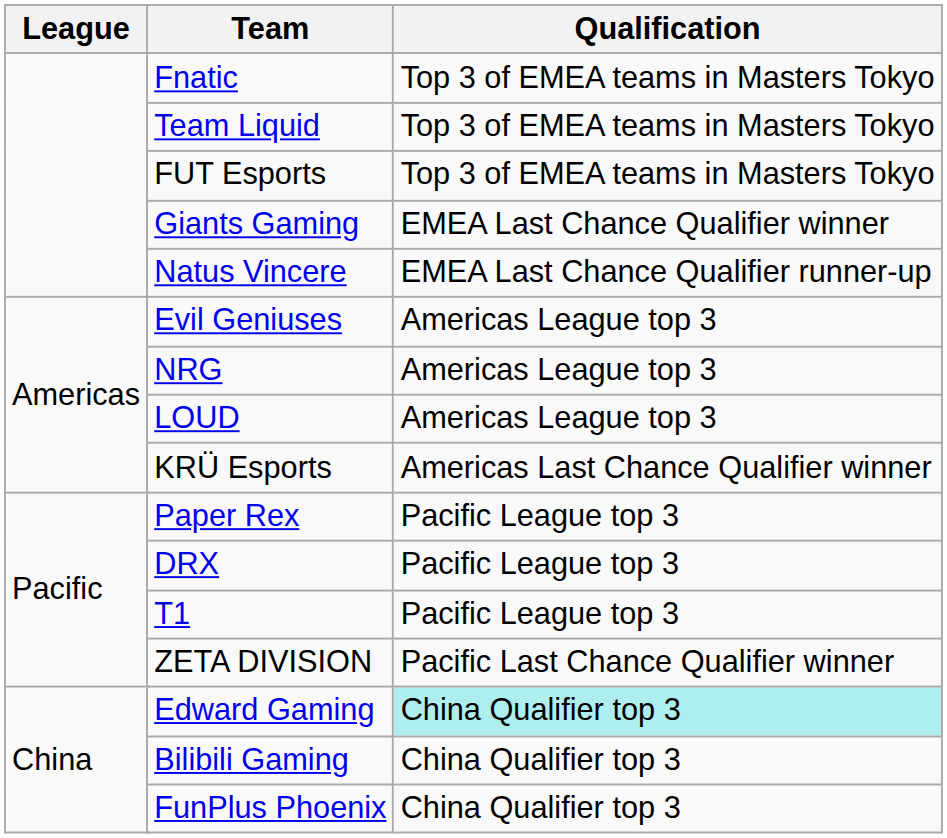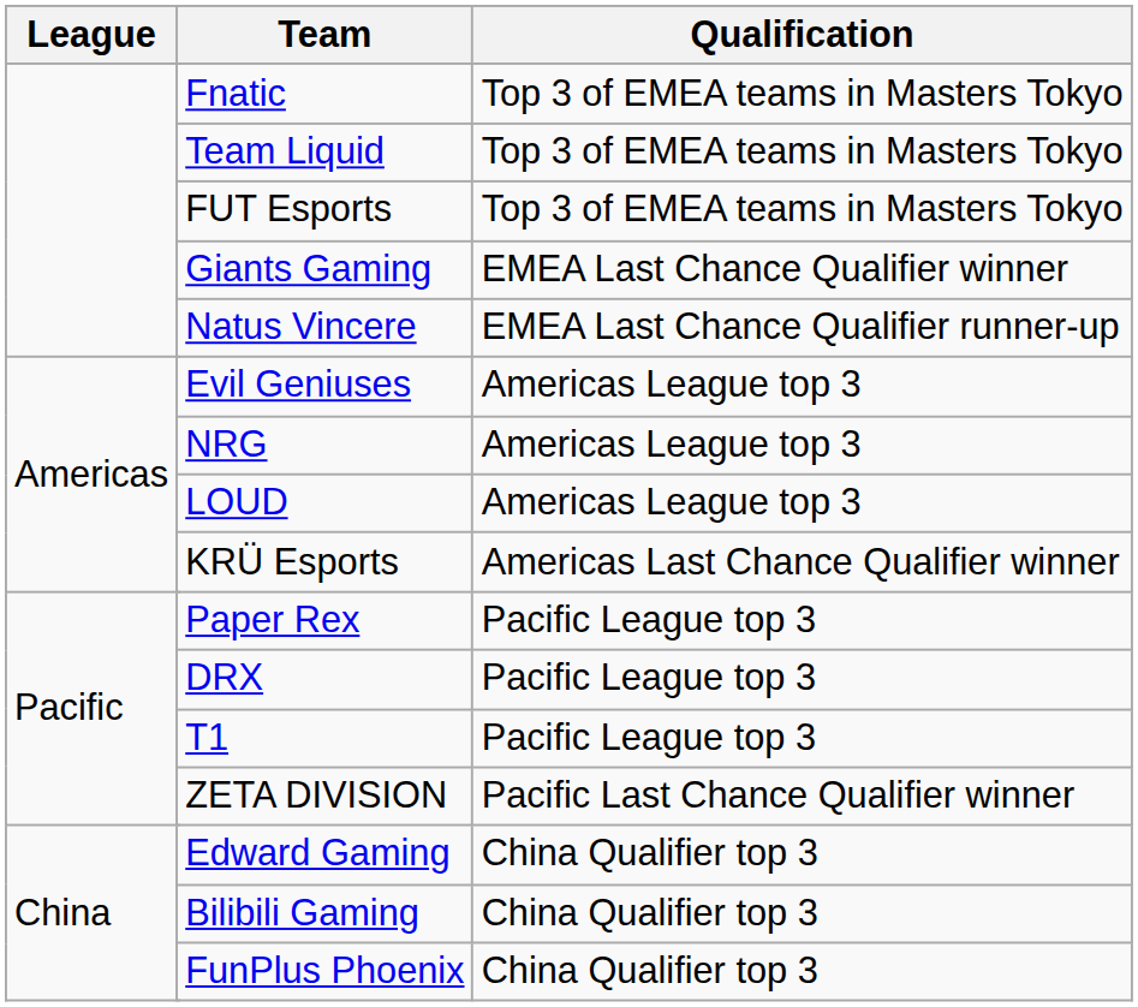 <table class="wikitable">
 <tr>
 <th colspan="2">League</th>
 <th>Team</th>
 <th>Qualification</th>
 </tr>
 <tr>
 <td colspan="2" rowspan="5"></td>
 <td><a href='#'>Fnatic</a></td>
 <td>Top 3 of EMEA teams in Masters Tokyo</td>
 </tr>
 <tr>
 <td><a href='#'>Team Liquid</a></td>
 <td>Top 3 of EMEA teams in Masters Tokyo</td>
 </tr>
 <tr>
 <td>FUT Esports</td>
 <td>Top 3 of EMEA teams in Masters Tokyo</td>
 </tr>
 <tr>
 <td><a href='#'>Giants Gaming</a></td>
 <td>EMEA Last Chance Qualifier winner</td>
 </tr>
 <tr>
 <td><a href='#'>Natus Vincere</a></td>
 <td>EMEA Last Chance Qualifier runner-up</td>
 </tr>
 <tr>
 <td colspan="2" rowspan="4">Americas</td>
 <td><a href='#'>Evil Geniuses</a></td>
 <td>Americas League top 3</td>
 </tr>
 <tr>
 <td><a href='#'>NRG</a></td>
 <td>Americas League top 3</td>
 </tr>
 <tr>
 <td><a href='#'>LOUD</a></td>
 <td>Americas League top 3</td>
 </tr>
 <tr>
 <td>KRÜ Esports</td>
 <td>Americas Last Chance Qualifier winner</td>
 </tr>
 <tr>
 <td colspan="2" rowspan="4">Pacific</td>
 <td><a href='#'>Paper Rex</a></td>
 <td>Pacific League top 3</td>
 </tr>
 <tr>
 <td><a href='#'>DRX</a></td>
 <td>Pacific League top 3</td>
 </tr>
 <tr>
 <td><a href='#'>T1</a></td>
 <td>Pacific League top 3</td>
 </tr>
 <tr>
 <td>ZETA DIVISION</td>
 <td>Pacific Last Chance Qualifier winner</td>
 </tr>
 <tr>
 <td colspan="2" rowspan="3">China</td>
 <td><a href='#'>Edward Gaming</a></td>
-<td style="background: paleturquoise;">China Qualifier top 3</td>
+<td>China Qualifier top 3</td>
 </tr>
 <tr>
 <td><a href='#'>Bilibili Gaming</a></td>
 <td>China Qualifier top 3</td>
 </tr>
 <tr>
 <td><a href='#'>FunPlus Phoenix</a></td>
 <td>China Qualifier top 3</td>
 </tr>
 </table>
